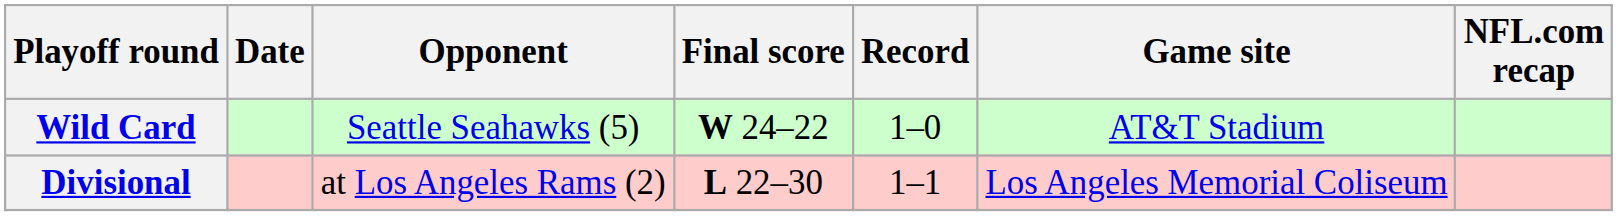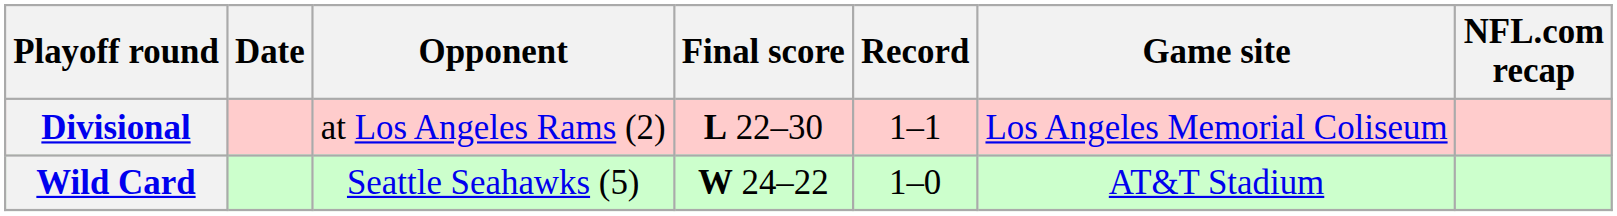 <table class="wikitable" style="text-align:center">
 <tr>
 <th>Playoff round</th>
 <th>Date</th>
 <th>Opponent</th>
 <th>Final score</th>
 <th>Record</th>
 <th>Game site</th>
 <th>NFL.com<br>recap</th>
 </tr>
+<tr style="background:#fcc">
+<th><a href='#'>Divisional</a></th>
+<td></td>
+<td>at <a href='#'>Los Angeles Rams</a> (2)</td>
+<td><strong>L</strong> 22–30</td>
+<td>1–1</td>
+<td><a href='#'>Los Angeles Memorial Coliseum</a></td>
+<td></td>
+</tr>
 <tr style="background:#cfc">
 <th><a href='#'>Wild Card</a></th>
 <td></td>
 <td><a href='#'>Seattle Seahawks</a> (5)</td>
 <td><strong>W</strong> 24–22</td>
 <td>1–0</td>
 <td><a href='#'>AT&T Stadium</a></td>
 <td></td>
 </tr>
-<tr style="background:#fcc">
-<th><a href='#'>Divisional</a></th>
-<td></td>
-<td>at <a href='#'>Los Angeles Rams</a> (2)</td>
-<td><strong>L</strong> 22–30</td>
-<td>1–1</td>
-<td><a href='#'>Los Angeles Memorial Coliseum</a></td>
-<td></td>
-</tr>
 </table>
